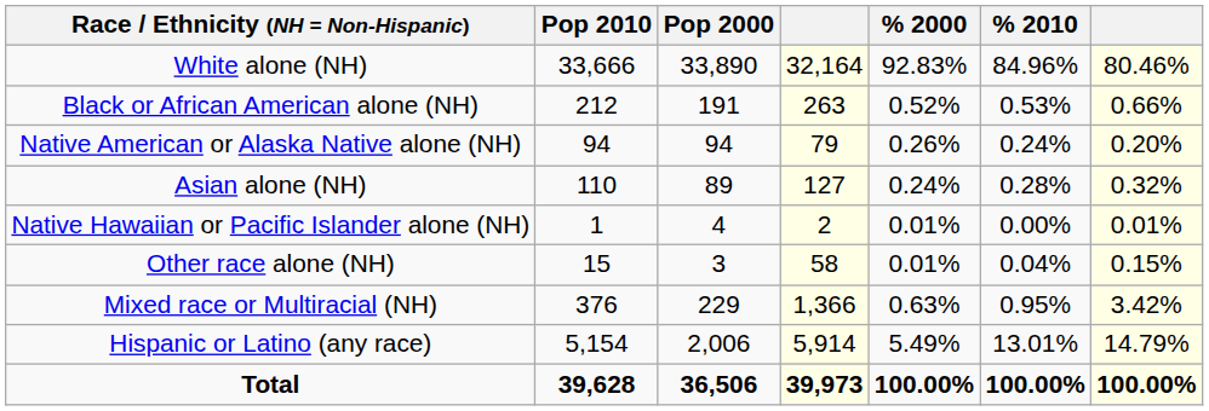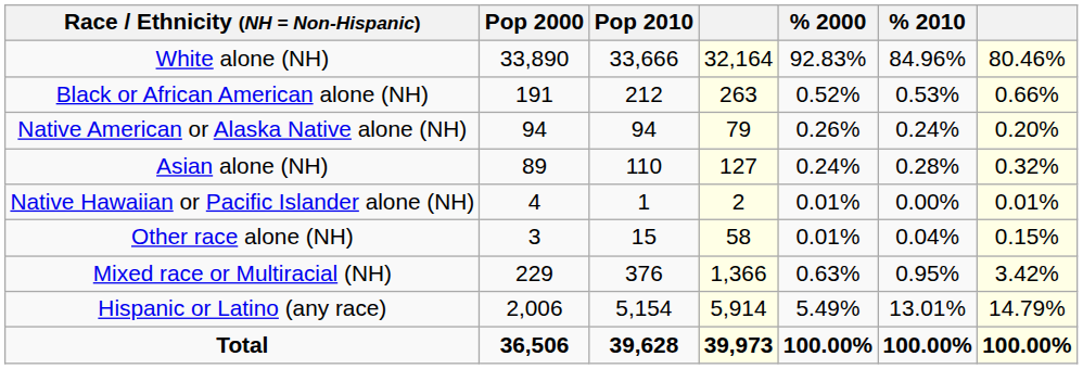 <table class="wikitable" style="text-align:center;">
 <tr>
 <th>Race / Ethnicity <small>(<em>NH = Non-Hispanic</em>)</small></th>
+<th>Pop 2000</th>
 <th>Pop 2010</th>
-<th>Pop 2000</th>
 <th></th>
 <th>% 2000</th>
 <th>% 2010</th>
 <th></th>
 </tr>
 <tr>
 <td><a href='#'>White</a> alone (NH)</td>
+<td>33,890</td>
 <td>33,666</td>
-<td>33,890</td>
 <td style='background: #ffffe6;'>32,164</td>
 <td>92.83%</td>
 <td>84.96%</td>
 <td style='background: #ffffe6;'>80.46%</td>
 </tr>
 <tr>
 <td><a href='#'>Black or African American</a> alone (NH)</td>
+<td>191</td>
 <td>212</td>
-<td>191</td>
 <td style='background: #ffffe6;'>263</td>
 <td>0.52%</td>
 <td>0.53%</td>
 <td style='background: #ffffe6;'>0.66%</td>
 </tr>
 <tr>
 <td><a href='#'>Native American</a> or <a href='#'>Alaska Native</a> alone (NH)</td>
 <td>94</td>
 <td>94</td>
 <td style='background: #ffffe6;'>79</td>
 <td>0.26%</td>
 <td>0.24%</td>
 <td style='background: #ffffe6;'>0.20%</td>
 </tr>
 <tr>
 <td><a href='#'>Asian</a> alone (NH)</td>
+<td>89</td>
 <td>110</td>
-<td>89</td>
 <td style='background: #ffffe6;'>127</td>
 <td>0.24%</td>
 <td>0.28%</td>
 <td style='background: #ffffe6;'>0.32%</td>
 </tr>
 <tr>
 <td><a href='#'>Native Hawaiian</a> or <a href='#'>Pacific Islander</a> alone (NH)</td>
+<td>4</td>
 <td>1</td>
-<td>4</td>
 <td style='background: #ffffe6;'>2</td>
 <td>0.01%</td>
 <td>0.00%</td>
 <td style='background: #ffffe6;'>0.01%</td>
 </tr>
 <tr>
 <td><a href='#'>Other race</a> alone (NH)</td>
+<td>3</td>
 <td>15</td>
-<td>3</td>
 <td style='background: #ffffe6;'>58</td>
 <td>0.01%</td>
 <td>0.04%</td>
 <td style='background: #ffffe6;'>0.15%</td>
 </tr>
 <tr>
 <td><a href='#'>Mixed race or Multiracial</a> (NH)</td>
+<td>229</td>
 <td>376</td>
-<td>229</td>
 <td style='background: #ffffe6;'>1,366</td>
 <td>0.63%</td>
 <td>0.95%</td>
 <td style='background: #ffffe6;'>3.42%</td>
 </tr>
 <tr>
 <td><a href='#'>Hispanic or Latino</a> (any race)</td>
+<td>2,006</td>
 <td>5,154</td>
-<td>2,006</td>
 <td style='background: #ffffe6;'>5,914</td>
 <td>5.49%</td>
 <td>13.01%</td>
 <td style='background: #ffffe6;'>14.79%</td>
 </tr>
 <tr>
 <td><strong>Total</strong></td>
+<td><strong>36,506</strong></td>
 <td><strong>39,628</strong></td>
-<td><strong>36,506</strong></td>
 <td style='background: #ffffe6;'><strong>39,973</strong></td>
 <td><strong>100.00%</strong></td>
 <td><strong>100.00%</strong></td>
 <td style='background: #ffffe6;'><strong>100.00%</strong></td>
 </tr>
 </table>
